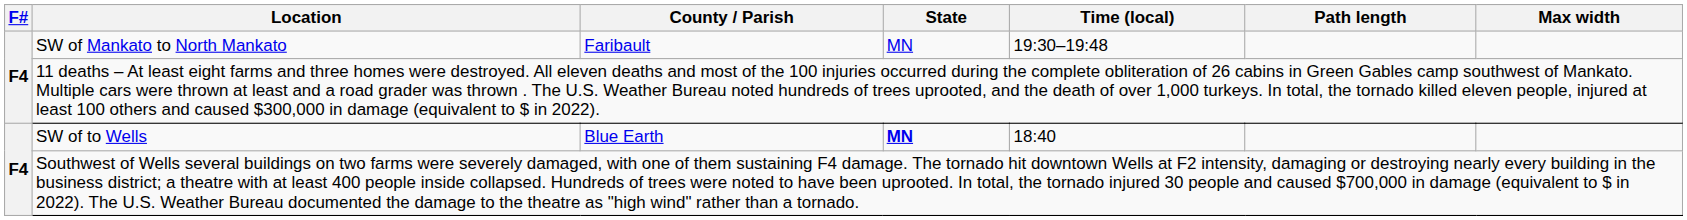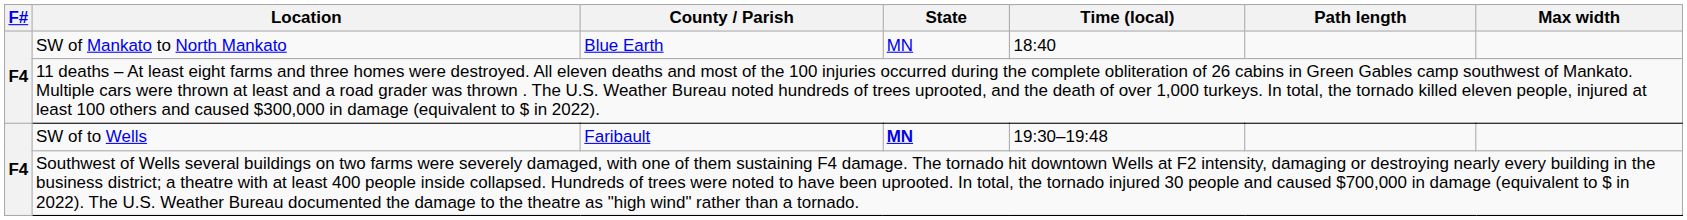 <table class="wikitable sortable" style="width:100%;">
 <tr>
 <th scope="col" align="center"><a href='#'>F#</a><br></th>
 <th scope="col" align="center" class="unsortable">Location</th>
 <th scope="col" align="center" class="unsortable">County / Parish</th>
 <th scope="col" align="center">State</th>
 <th scope="col" align="center">Time (local)</th>
 <th scope="col" align="center">Path length</th>
 <th scope="col" align="center">Max width</th>
 </tr>
 <tr>
 <th scope="row" rowspan="2" style="background-color:#">F4</th>
 <td>SW of <a href='#'>Mankato</a> to <a href='#'>North Mankato</a></td>
-<td><a href='#'>Faribault</a></td>
+<td><a href='#'>Blue Earth</a></td>
 <td><a href='#'>MN</a></td>
-<td>19:30–19:48</td>
+<td>18:40</td>
 <td></td>
 <td></td>
 </tr>
 <tr class="expand-child">
 <td colspan="6" style="border-bottom: 1px solid black;">11 deaths – At least eight farms and three homes were destroyed. All eleven deaths and most of the 100 injuries occurred during the complete obliteration of 26 cabins in Green Gables camp southwest of Mankato. Multiple cars were thrown at least  and a  road grader was thrown . The U.S. Weather Bureau noted hundreds of trees uprooted, and the death of over 1,000 turkeys. In total, the tornado killed eleven people, injured at least 100 others and caused $300,000 in damage (equivalent to $ in 2022).</td>
 </tr>
 <tr>
 <th scope="row" rowspan="2" style="background-color:#">F4</th>
 <td>SW of to <a href='#'>Wells</a></td>
-<td><a href='#'>Blue Earth</a></td>
+<td><a href='#'>Faribault</a></td>
 <td><strong><a href='#'>MN</a></strong></td>
-<td>18:40</td>
+<td>19:30–19:48</td>
 <td></td>
 <td></td>
 </tr>
 <tr class="expand-child">
 <td colspan="6" style="border-bottom: 1px solid black;">Southwest of Wells several buildings on two farms were severely damaged, with one of them sustaining F4 damage. The tornado hit downtown Wells at F2 intensity, damaging or destroying nearly every building in the business district; a theatre with at least 400 people inside collapsed. Hundreds of trees were noted to have been uprooted. In total, the tornado injured 30 people and caused $700,000 in damage (equivalent to $ in 2022). The U.S. Weather Bureau documented the damage to the theatre as "high wind" rather than a tornado.</td>
 </tr>
 </table>
